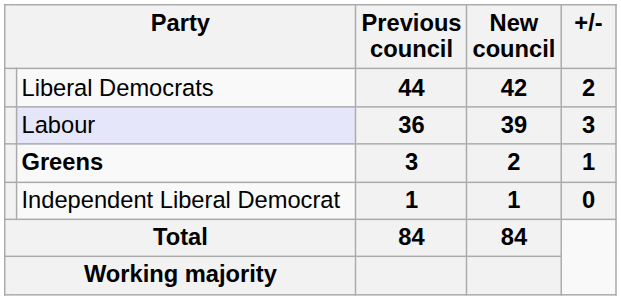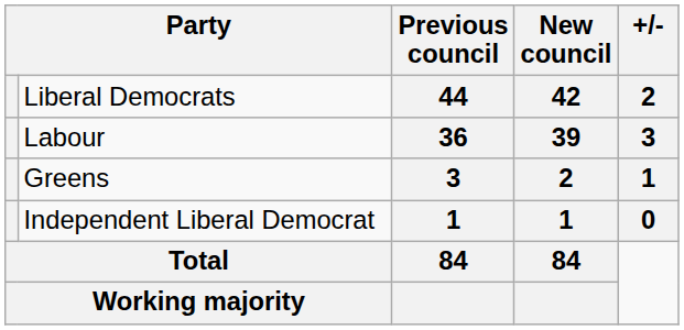 <table class="wikitable">
 <tr>
 <th valign=top colspan="2" style="width: 230px">Party</th>
 <th valign=top style="width: 30px">Previous council</th>
 <th valign=top style="width: 30px">New council</th>
 <th valign=top style="width: 30px">+/-</th>
 </tr>
 <tr>
 <th style="background-color: "></th>
 <td>Liberal Democrats</td>
 <th align=center>44</th>
 <th align=center>42</th>
 <th align=center>2</th>
 </tr>
 <tr>
 <th style="background-color: "></th>
-<td style="background: lavender;">Labour</td>
+<td>Labour</td>
 <th align=center>36</th>
 <th align=center>39</th>
 <th align=center>3</th>
 </tr>
 <tr>
 <th style="background-color: "></th>
-<td><strong>Greens</strong></td>
+<td>Greens</td>
 <th align=center>3</th>
 <th align=center>2</th>
 <th align=center>1</th>
 </tr>
 <tr>
 <th style="background-color: "></th>
 <td>Independent Liberal Democrat</td>
 <th align=center>1</th>
 <th align=center>1</th>
 <th align=center>0</th>
 </tr>
 <tr>
 <th colspan=2>Total</th>
 <th style="text-align: center">84</th>
 <th style="text-align: center">84</th>
 </tr>
 <tr>
 <th colspan=2>Working majority</th>
 <th></th>
 <th></th>
 </tr>
 </table>
